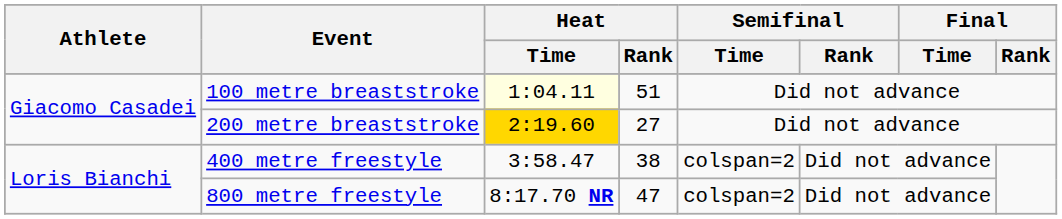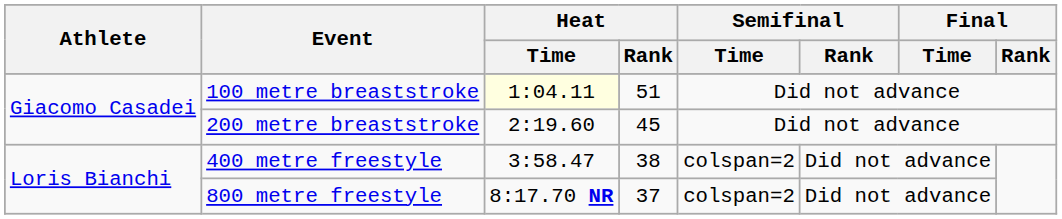 <table class="wikitable" style="font-size:90%;">
 <tr>
 <th rowspan="2">Athlete</th>
 <th rowspan="2">Event</th>
 <th colspan="2">Heat</th>
 <th colspan="2">Semifinal</th>
 <th colspan="2">Final</th>
 </tr>
 <tr>
 <th>Time</th>
 <th>Rank</th>
 <th>Time</th>
 <th>Rank</th>
 <th>Time</th>
 <th>Rank</th>
 </tr>
 <tr align=center>
 <td align=left rowspan=2><a href='#'>Giacomo Casadei</a></td>
 <td align=left><a href='#'>100 metre breaststroke</a></td>
 <td style="background: lightyellow;">1:04.11</td>
 <td>51</td>
 <td colspan=4>Did not advance</td>
 </tr>
 <tr align=center>
 <td align=left><a href='#'>200 metre breaststroke</a></td>
-<td style="background: gold;">2:19.60</td>
-<td>27</td>
+<td>2:19.60</td>
+<td>45</td>
 <td colspan=4>Did not advance</td>
 </tr>
 <tr align=center>
 <td align=left rowspan=2><a href='#'>Loris Bianchi</a></td>
 <td align=left><a href='#'>400 metre freestyle</a></td>
 <td>3:58.47</td>
 <td>38</td>
 <td>colspan=2</td>
 <td colspan=2>Did not advance</td>
 </tr>
 <tr align=center>
 <td align=left><a href='#'>800 metre freestyle</a></td>
 <td>8:17.70 <strong><a href='#'>NR</a></strong></td>
-<td>47</td>
+<td>37</td>
 <td>colspan=2</td>
 <td colspan=2>Did not advance</td>
 </tr>
 </table>
